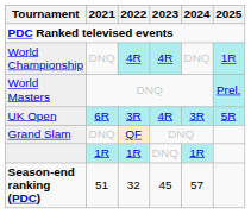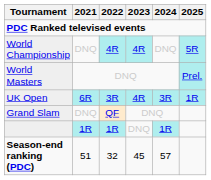 <table class="wikitable" style="width:20%; margin:0">
 <tr>
 <th>Tournament</th>
 <th>2021</th>
 <th>2022</th>
 <th>2023</th>
 <th>2024</th>
 <th>2025</th>
 </tr>
 <tr>
 <td colspan="31" align="left"><strong><a href='#'>PDC</a> Ranked televised events</strong></td>
 </tr>
 <tr>
 <td style="background:#efefef;"><a href='#'>World Championship</a></td>
 <td style="text-align:center; color:#ccc;">DNQ</td>
 <td style="text-align:center; background:#afeeee;"><a href='#'>4R</a></td>
 <td style="text-align:center; background:#afeeee;"><a href='#'>4R</a></td>
 <td style="text-align:center; color:#ccc;">DNQ</td>
-<td style="text-align:center; background:#afeeee;"><a href='#'>1R</a></td>
+<td style="text-align:center; background:#afeeee;"><a href='#'>5R</a></td>
 </tr>
 <tr>
 <td style="background:#efefef;"><a href='#'>World Masters</a></td>
 <td colspan="4" style="text-align:center; color:#ccc;">DNQ</td>
 <td style="text-align:center; background:#afeeee;"><a href='#'>Prel.</a></td>
 </tr>
 <tr>
 <td style="background:#efefef;"><a href='#'>UK Open</a></td>
 <td style="text-align:center; background:#afeeee;"><a href='#'>6R</a></td>
 <td style="text-align:center; background:#afeeee;"><a href='#'>3R</a></td>
 <td style="text-align:center; background:#afeeee;"><a href='#'>4R</a></td>
 <td style="text-align:center; background:#afeeee;"><a href='#'>3R</a></td>
-<td style="text-align:center; background:#afeeee;"><a href='#'>5R</a></td>
+<td style="text-align:center; background:#afeeee;"><a href='#'>1R</a></td>
 </tr>
 <tr>
 <td style="background:#efefef;"><a href='#'>Grand Slam</a></td>
 <td style="text-align:center; color:#ccc;">DNQ</td>
 <td style="text-align:center; background:#ffebcd;"><a href='#'>QF</a></td>
 <td colspan="2" style="text-align:center; color:#ccc;">DNQ</td>
 <td></td>
 </tr>
 <tr>
 <td style="background:#efefef;"></td>
 <td style="text-align:center; background:#afeeee;"><a href='#'>1R</a></td>
 <td style="text-align:center; background:#afeeee;"><a href='#'>1R</a></td>
 <td style="text-align:center; color:#ccc;">DNQ</td>
 <td style="text-align:center; background:#afeeee;"><a href='#'>1R</a></td>
 <td></td>
 </tr>
 <tr>
 <td align="left"><strong>Season-end ranking (<a href='#'>PDC</a>)</strong></td>
 <td style="text-align:center;">51</td>
 <td style="text-align:center;">32</td>
 <td style="text-align:center;">45</td>
 <td style="text-align:center;">57</td>
 <td style="text-align:center;"></td>
 </tr>
 </table>
